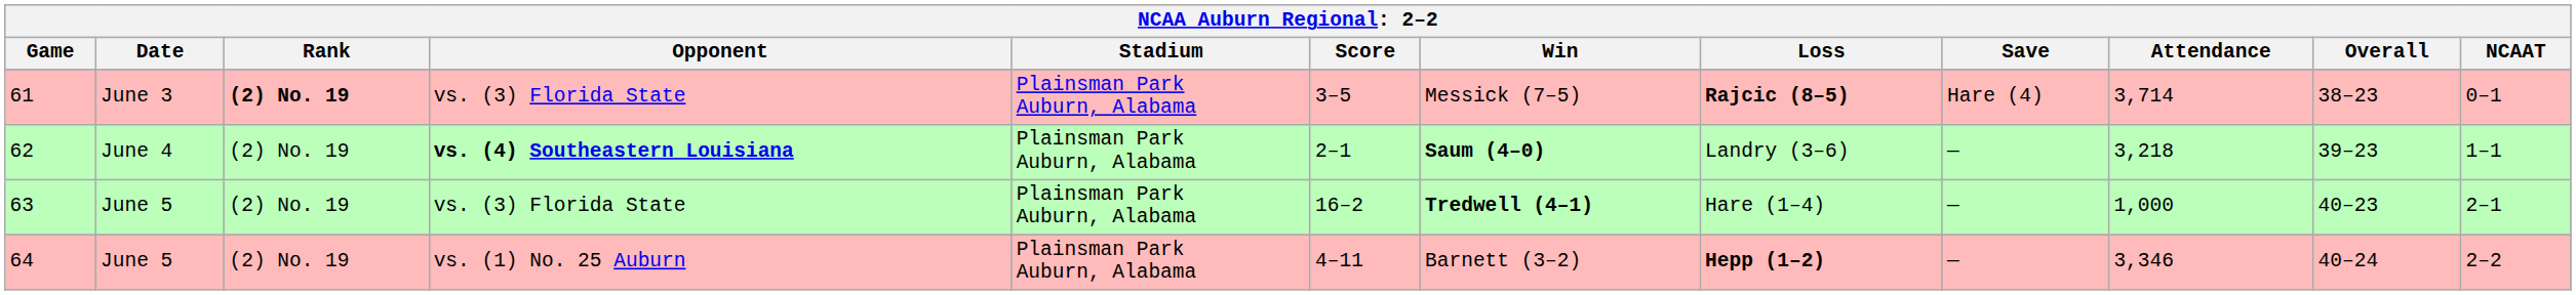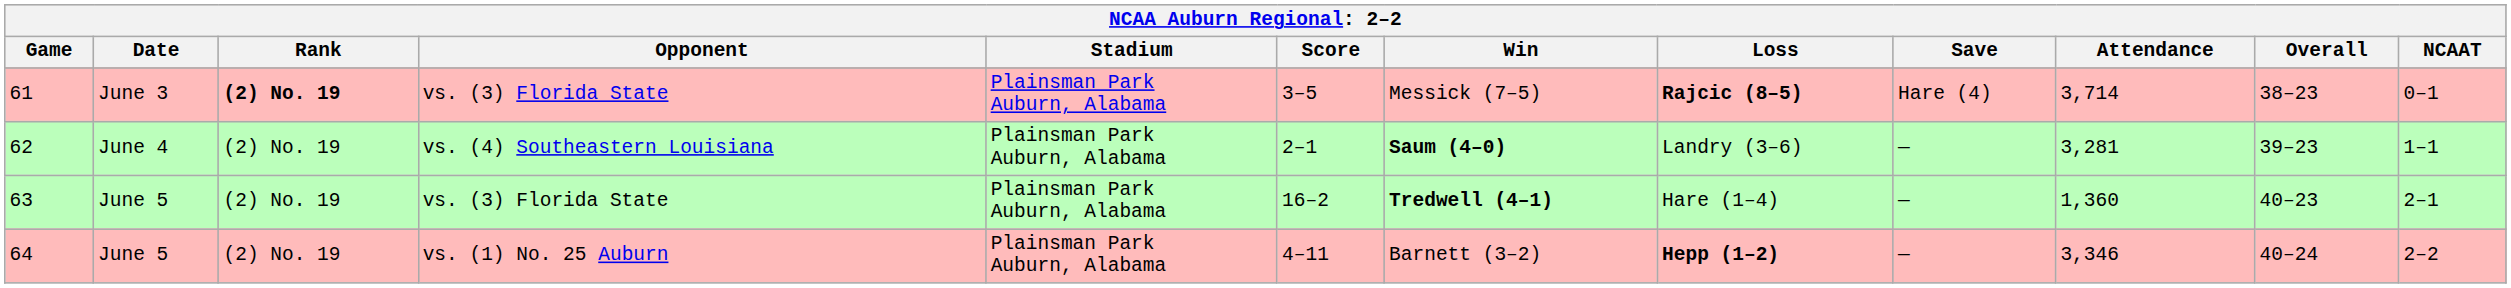 <table class="wikitable collapsible" style="margin:auto; font-size:95%; width:100%">
 <tr>
 <th colspan=12><a href='#'>NCAA Auburn Regional</a>: 2–2</th>
 </tr>
 <tr>
 <th>Game</th>
 <th>Date</th>
 <th>Rank</th>
 <th>Opponent</th>
 <th>Stadium</th>
 <th>Score</th>
 <th>Win</th>
 <th>Loss</th>
 <th>Save</th>
 <th>Attendance</th>
 <th>Overall</th>
 <th>NCAAT</th>
 </tr>
 <tr style="background:#fbb;">
 <td>61</td>
 <td>June 3</td>
 <td><strong>(2) No. 19</strong></td>
 <td>vs. (3) <a href='#'>Florida State</a></td>
 <td><a href='#'>Plainsman Park</a><br><a href='#'>Auburn, Alabama</a></td>
 <td>3–5</td>
 <td>Messick (7–5)</td>
 <td><strong>Rajcic (8–5)</strong></td>
 <td>Hare (4)</td>
 <td>3,714</td>
 <td>38–23</td>
 <td>0–1</td>
 </tr>
 <tr style="background:#bfb;">
 <td>62</td>
 <td>June 4</td>
 <td>(2) No. 19</td>
-<td><strong>vs. (4) <a href='#'>Southeastern Louisiana</a></strong></td>
+<td>vs. (4) <a href='#'>Southeastern Louisiana</a></td>
 <td>Plainsman Park<br>Auburn, Alabama</td>
 <td>2–1</td>
 <td><strong>Saum (4–0)</strong></td>
 <td>Landry (3–6)</td>
 <td>—</td>
-<td>3,218</td>
+<td>3,281</td>
 <td>39–23</td>
 <td>1–1</td>
 </tr>
 <tr style="background:#bfb;">
 <td>63</td>
 <td>June 5</td>
 <td>(2) No. 19</td>
 <td>vs. (3) Florida State</td>
 <td>Plainsman Park<br>Auburn, Alabama</td>
 <td>16–2</td>
 <td><strong>Tredwell (4–1)</strong></td>
 <td>Hare (1–4)</td>
 <td>—</td>
-<td>1,000</td>
+<td>1,360</td>
 <td>40–23</td>
 <td>2–1</td>
 </tr>
 <tr style="background:#fbb;">
 <td>64</td>
 <td>June 5</td>
 <td>(2) No. 19</td>
 <td>vs. (1) No. 25 <a href='#'>Auburn</a></td>
 <td>Plainsman Park<br>Auburn, Alabama</td>
 <td>4–11</td>
 <td>Barnett (3–2)</td>
 <td><strong>Hepp (1–2)</strong></td>
 <td>—</td>
 <td>3,346</td>
 <td>40–24</td>
 <td>2–2</td>
 </tr>
 </table>
